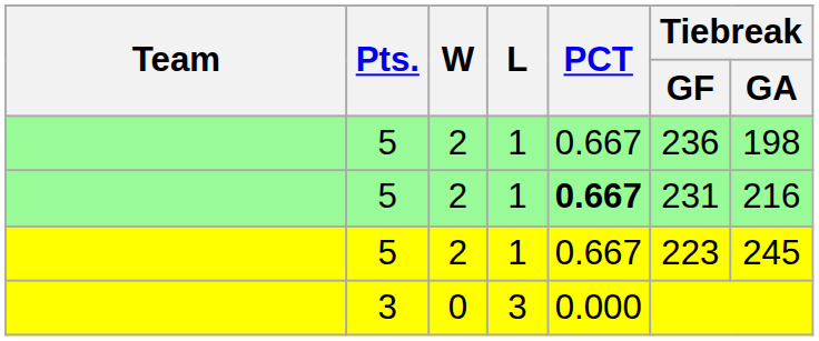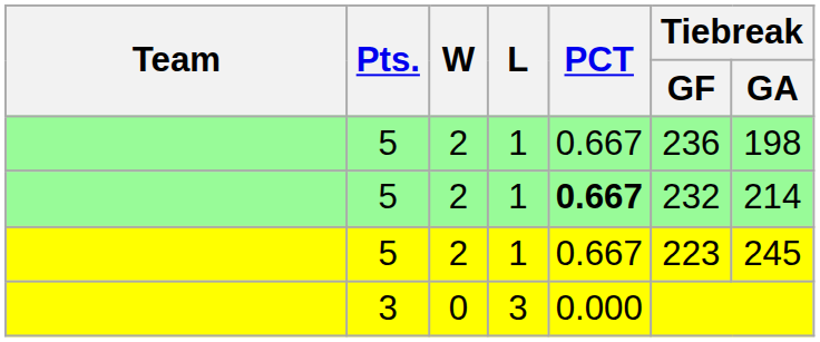 <table class=wikitable>
 <tr align=center>
 <th width=150px rowspan=2>Team</th>
 <th width=30px rowspan=2><a href='#'>Pts.</a></th>
 <th width=20px rowspan=2>W</th>
 <th width=20px rowspan=2>L</th>
 <th rowspan=2><a href='#'>PCT</a></th>
 <th colspan=2>Tiebreak</th>
 </tr>
 <tr align=center>
 <th width=30px>GF</th>
 <th width=30px>GA</th>
 </tr>
 <tr align=center bgcolor="#98fb98">
 <td align=left></td>
 <td>5</td>
 <td>2</td>
 <td>1</td>
 <td>0.667</td>
 <td>236</td>
 <td>198</td>
 </tr>
 <tr align=center bgcolor="#98fb98">
 <td align=left></td>
 <td>5</td>
 <td>2</td>
 <td>1</td>
 <td><strong>0.667</strong></td>
-<td>231</td>
-<td>216</td>
+<td>232</td>
+<td>214</td>
 </tr>
 <tr align=center bgcolor="yellow">
 <td align=left></td>
 <td>5</td>
 <td>2</td>
 <td>1</td>
 <td>0.667</td>
 <td>223</td>
 <td>245</td>
 </tr>
 <tr align=center bgcolor="yellow">
 <td align=left></td>
 <td>3</td>
 <td>0</td>
 <td>3</td>
 <td>0.000</td>
 <td colspan=2></td>
 </tr>
 </table>
